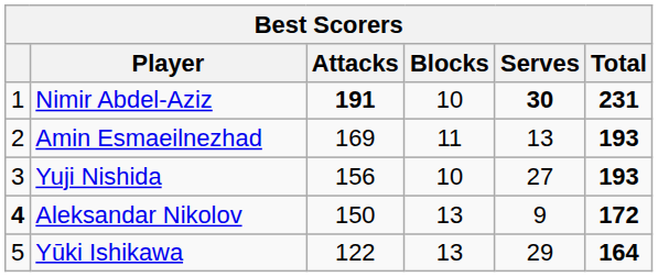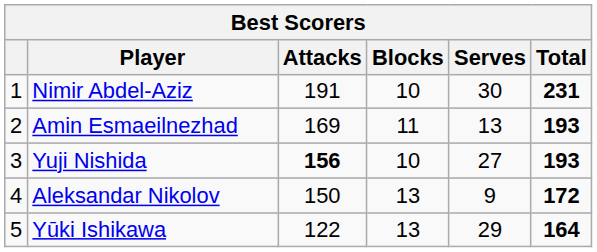 <table class="wikitable sortable" style=font-size:90%>
 <tr>
 <th colspan=6>Best Scorers</th>
 </tr>
 <tr>
 <th></th>
 <th width=158>Player</th>
 <th width=20>Attacks</th>
 <th width=20>Blocks</th>
 <th width=20>Serves</th>
 <th width=20>Total</th>
 </tr>
 <tr>
 <td>1</td>
 <td> <a href='#'>Nimir Abdel-Aziz</a></td>
-<td align=center><strong>191</strong></td>
+<td align=center>191</td>
 <td align=center>10</td>
-<td align=center><strong>30</strong></td>
+<td align=center>30</td>
 <td align=center><strong>231</strong></td>
 </tr>
 <tr>
 <td>2</td>
 <td> <a href='#'>Amin Esmaeilnezhad</a></td>
 <td align=center>169</td>
 <td align=center>11</td>
 <td align=center>13</td>
 <td align=center><strong>193</strong></td>
 </tr>
 <tr>
 <td>3</td>
 <td> <a href='#'>Yuji Nishida</a></td>
-<td align=center>156</td>
+<td align=center><strong>156</strong></td>
 <td align=center>10</td>
 <td align=center>27</td>
 <td align=center><strong>193</strong></td>
 </tr>
 <tr>
-<td><strong>4</strong></td>
+<td>4</td>
 <td> <a href='#'>Aleksandar Nikolov</a></td>
 <td align=center>150</td>
 <td align=center>13</td>
 <td align=center>9</td>
 <td align=center><strong>172</strong></td>
 </tr>
 <tr>
 <td>5</td>
 <td> <a href='#'>Yūki Ishikawa</a></td>
 <td align=center>122</td>
 <td align=center>13</td>
 <td align=center>29</td>
 <td align=center><strong>164</strong></td>
 </tr>
 </table>
